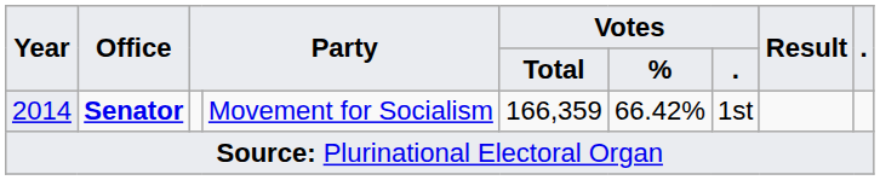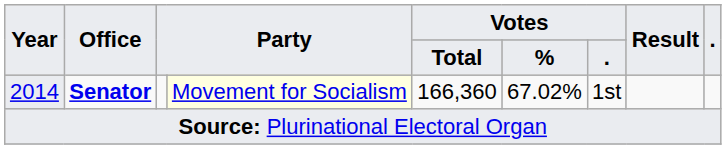 <table class="wikitable" style="font-size:90%; text-align:center;">
 <tr>
 <th style="background-color:#EAECF0;" rowspan=2>Year</th>
 <th style="background-color:#EAECF0;" rowspan=2>Office</th>
 <th style="background-color:#EAECF0;" colspan=2 rowspan=2>Party</th>
 <th style="background-color:#EAECF0;" colspan=3>Votes</th>
 <th style="background-color:#EAECF0;" rowspan=2>Result</th>
 <th style="background-color:#EAECF0;" rowspan=2>.</th>
 </tr>
 <tr>
 <th style="background-color:#EAECF0;">Total</th>
 <th style="background-color:#EAECF0;">%</th>
 <th style="background-color:#EAECF0;">.</th>
 </tr>
 <tr>
 <td style="background-color:#EAECF0;"><a href='#'>2014</a></td>
 <td><strong><a href='#'>Senator</a></strong></td>
 <td style="background-color:"></td>
-<td><a href='#'>Movement for Socialism</a></td>
-<td>166,359</td>
-<td>66.42%</td>
+<td style="background: lightyellow;"><a href='#'>Movement for Socialism</a></td>
+<td>166,360</td>
+<td>67.02%</td>
 <td>1st</td>
 <td></td>
 <td></td>
 </tr>
 <tr>
 <td style="background-color:#EAECF0;" colspan=9><strong>Source:</strong> <a href='#'>Plurinational Electoral Organ</a>  </td>
 </tr>
 </table>
